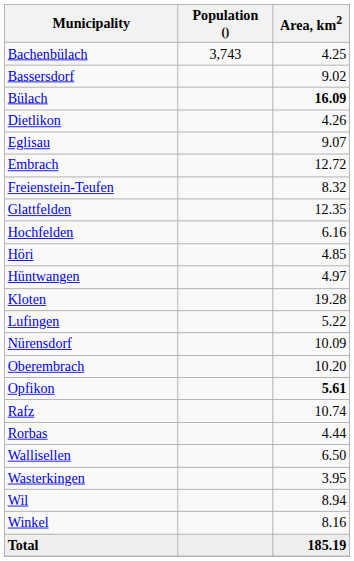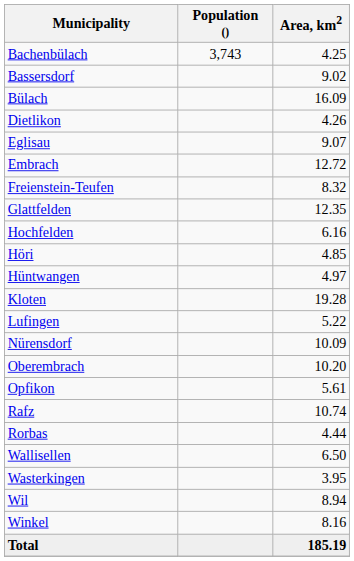 <table class="wikitable">
 <tr>
 <th width="190">Municipality</th>
 <th width="100">Population<br><small>()</small></th>
 <th width="80">Area, km<sup>2</sup></th>
 </tr>
 <tr>
 <td><a href='#'>Bachenbülach</a></td>
 <td align="center">3,743</td>
 <td align="right">4.25</td>
 </tr>
 <tr>
 <td><a href='#'>Bassersdorf</a></td>
 <td align="center"></td>
 <td align="right">9.02</td>
 </tr>
 <tr>
 <td><a href='#'>Bülach</a></td>
 <td align="center"></td>
-<td align="right"><strong>16.09</strong></td>
+<td align="right">16.09</td>
 </tr>
 <tr>
 <td><a href='#'>Dietlikon</a></td>
 <td align="center"></td>
 <td align="right">4.26</td>
 </tr>
 <tr>
 <td><a href='#'>Eglisau</a></td>
 <td align="center"></td>
 <td align="right">9.07</td>
 </tr>
 <tr>
 <td><a href='#'>Embrach</a></td>
 <td align="center"></td>
 <td align="right">12.72</td>
 </tr>
 <tr>
 <td><a href='#'>Freienstein-Teufen</a></td>
 <td align="center"></td>
 <td align="right">8.32</td>
 </tr>
 <tr>
 <td><a href='#'>Glattfelden</a></td>
 <td align="center"></td>
 <td align="right">12.35</td>
 </tr>
 <tr>
 <td><a href='#'>Hochfelden</a></td>
 <td align="center"></td>
 <td align="right">6.16</td>
 </tr>
 <tr>
 <td><a href='#'>Höri</a></td>
 <td align="center"></td>
 <td align="right">4.85</td>
 </tr>
 <tr>
 <td><a href='#'>Hüntwangen</a></td>
 <td align="center"></td>
 <td align="right">4.97</td>
 </tr>
 <tr>
 <td><a href='#'>Kloten</a></td>
 <td align="center"></td>
 <td align="right">19.28</td>
 </tr>
 <tr>
 <td><a href='#'>Lufingen</a></td>
 <td align="center"></td>
 <td align="right">5.22</td>
 </tr>
 <tr>
 <td><a href='#'>Nürensdorf</a></td>
 <td align="center"></td>
 <td align="right">10.09</td>
 </tr>
 <tr>
 <td><a href='#'>Oberembrach</a></td>
 <td align="center"></td>
 <td align="right">10.20</td>
 </tr>
 <tr>
 <td><a href='#'>Opfikon</a></td>
 <td align="center"></td>
-<td align="right"><strong>5.61</strong></td>
+<td align="right">5.61</td>
 </tr>
 <tr>
 <td><a href='#'>Rafz</a></td>
 <td align="center"></td>
 <td align="right">10.74</td>
 </tr>
 <tr>
 <td><a href='#'>Rorbas</a></td>
 <td align="center"></td>
 <td align="right">4.44</td>
 </tr>
 <tr>
 <td><a href='#'>Wallisellen</a></td>
 <td align="center"></td>
 <td align="right">6.50</td>
 </tr>
 <tr>
 <td><a href='#'>Wasterkingen</a></td>
 <td align="center"></td>
 <td align="right">3.95</td>
 </tr>
 <tr>
 <td><a href='#'>Wil</a></td>
 <td align="center"></td>
 <td align="right">8.94</td>
 </tr>
 <tr>
 <td><a href='#'>Winkel</a></td>
 <td align="center"></td>
 <td align="right">8.16</td>
 </tr>
 <tr style="background-color:#EFEFEF;">
 <td><strong>Total</strong></td>
 <td align="center"><strong></strong></td>
 <td align="right"><strong>185.19</strong></td>
 </tr>
 <tr>
 </tr>
 </table>
